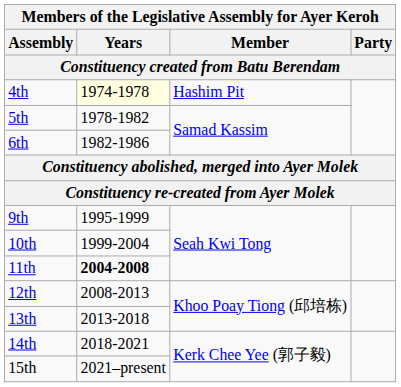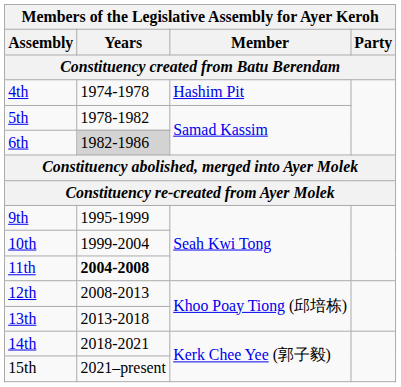 <table class=wikitable>
 <tr>
 <th colspan=4>Members of the Legislative Assembly for Ayer Keroh</th>
 </tr>
 <tr>
 <th>Assembly</th>
 <th>Years</th>
 <th>Member</th>
 <th>Party</th>
 </tr>
 <tr>
 <th colspan=4 align=center><em>Constituency created from Batu Berendam</em></th>
 </tr>
 <tr>
 <td><a href='#'>4th</a></td>
-<td style="background: lightyellow;">1974-1978</td>
+<td>1974-1978</td>
 <td><a href='#'>Hashim Pit</a></td>
 <td rowspan=3></td>
 </tr>
 <tr>
 <td><a href='#'>5th</a></td>
 <td>1978-1982</td>
 <td rowspan=2><a href='#'>Samad Kassim</a></td>
 </tr>
 <tr>
 <td><a href='#'>6th</a></td>
-<td>1982-1986</td>
+<td style="background: lightgrey;">1982-1986</td>
 </tr>
 <tr>
 <th colspan=4 align=center><em>Constituency abolished, merged into Ayer Molek</em></th>
 </tr>
 <tr>
 <th colspan=4 align=center><em>Constituency re-created from Ayer Molek</em></th>
 </tr>
 <tr>
 <td><a href='#'>9th</a></td>
 <td>1995-1999</td>
 <td rowspan=3><a href='#'>Seah Kwi Tong</a></td>
 <td rowspan=3></td>
 </tr>
 <tr>
 <td><a href='#'>10th</a></td>
 <td>1999-2004</td>
 </tr>
 <tr>
 <td><a href='#'>11th</a></td>
 <td><strong>2004-2008</strong></td>
 </tr>
 <tr>
 <td><a href='#'>12th</a></td>
 <td>2008-2013</td>
 <td rowspan=2><a href='#'>Khoo Poay Tiong</a> (邱培栋)</td>
 <td rowspan=2></td>
 </tr>
 <tr>
 <td><a href='#'>13th</a></td>
 <td>2013-2018</td>
 </tr>
 <tr>
 <td><a href='#'>14th</a></td>
 <td>2018-2021</td>
 <td rowspan="2"><a href='#'>Kerk Chee Yee</a> (郭子毅)</td>
 <td rowspan=2></td>
 </tr>
 <tr>
 <td>15th</td>
 <td>2021–present</td>
 </tr>
 </table>
